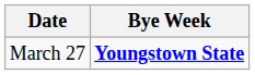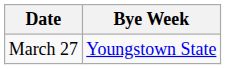 <table class="wikitable" style="font-size:95%;">
 <tr>
 <th>Date</th>
 <th>Bye Week</th>
 </tr>
 <tr>
 <td>March 27</td>
-<td><strong><a href='#'>Youngstown State</a></strong></td>
+<td><a href='#'>Youngstown State</a></td>
 </tr>
 </table>
